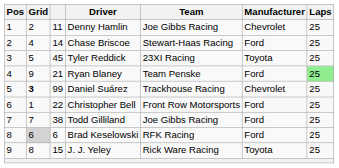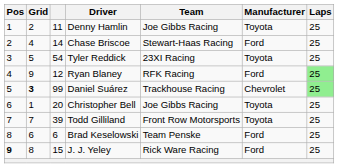 <table class="wikitable" style="font-size:98%">
 <tr>
 <th>Pos</th>
 <th>Grid</th>
 <th></th>
 <th>Driver</th>
 <th>Team</th>
 <th>Manufacturer</th>
 <th>Laps</th>
 </tr>
 <tr>
 <td>1</td>
 <td>2</td>
 <td>11</td>
 <td>Denny Hamlin</td>
 <td>Joe Gibbs Racing</td>
-<td>Chevrolet</td>
+<td>Toyota</td>
 <td>25</td>
 </tr>
 <tr>
 <td>2</td>
 <td>4</td>
 <td>14</td>
 <td>Chase Briscoe</td>
 <td>Stewart-Haas Racing</td>
 <td>Ford</td>
 <td>25</td>
 </tr>
 <tr>
 <td>3</td>
 <td>5</td>
-<td>45</td>
+<td>54</td>
 <td>Tyler Reddick</td>
 <td>23XI Racing</td>
 <td>Toyota</td>
 <td>25</td>
 </tr>
 <tr>
 <td>4</td>
 <td>9</td>
-<td>21</td>
+<td>12</td>
 <td>Ryan Blaney</td>
-<td>Team Penske</td>
+<td>RFK Racing</td>
 <td>Ford</td>
 <td style="background: lightgreen;">25</td>
 </tr>
 <tr>
 <td>5</td>
 <td><strong>3</strong></td>
 <td>99</td>
 <td>Daniel Suárez</td>
 <td>Trackhouse Racing</td>
 <td>Chevrolet</td>
-<td>25</td>
+<td style="background: lightgreen;">25</td>
 </tr>
 <tr>
 <td>6</td>
 <td>1</td>
-<td>22</td>
+<td>20</td>
 <td>Christopher Bell</td>
-<td>Front Row Motorsports</td>
-<td>Ford</td>
+<td>Joe Gibbs Racing</td>
+<td>Toyota</td>
 <td>25</td>
 </tr>
 <tr>
 <td>7</td>
 <td>7</td>
-<td>38</td>
+<td>39</td>
 <td>Todd Gilliland</td>
-<td>Joe Gibbs Racing</td>
+<td>Front Row Motorsports</td>
+<td>Toyota</td>
+<td>25</td>
+</tr>
+<tr>
+<td>8</td>
+<td>6</td>
+<td>6</td>
+<td>Brad Keselowski</td>
+<td>Team Penske</td>
 <td>Ford</td>
 <td>25</td>
 </tr>
 <tr>
-<td>8</td>
-<td style="background: lightgrey;">6</td>
-<td>6</td>
-<td>Brad Keselowski</td>
-<td>RFK Racing</td>
-<td>Ford</td>
-<td>25</td>
-</tr>
-<tr>
-<td>9</td>
+<td><strong>9</strong></td>
 <td>8</td>
 <td>15</td>
 <td>J. J. Yeley</td>
 <td>Rick Ware Racing</td>
-<td>Toyota</td>
+<td>Ford</td>
 <td>25</td>
 </tr>
 <tr>
 <th colspan="7"></th>
 </tr>
 </table>
